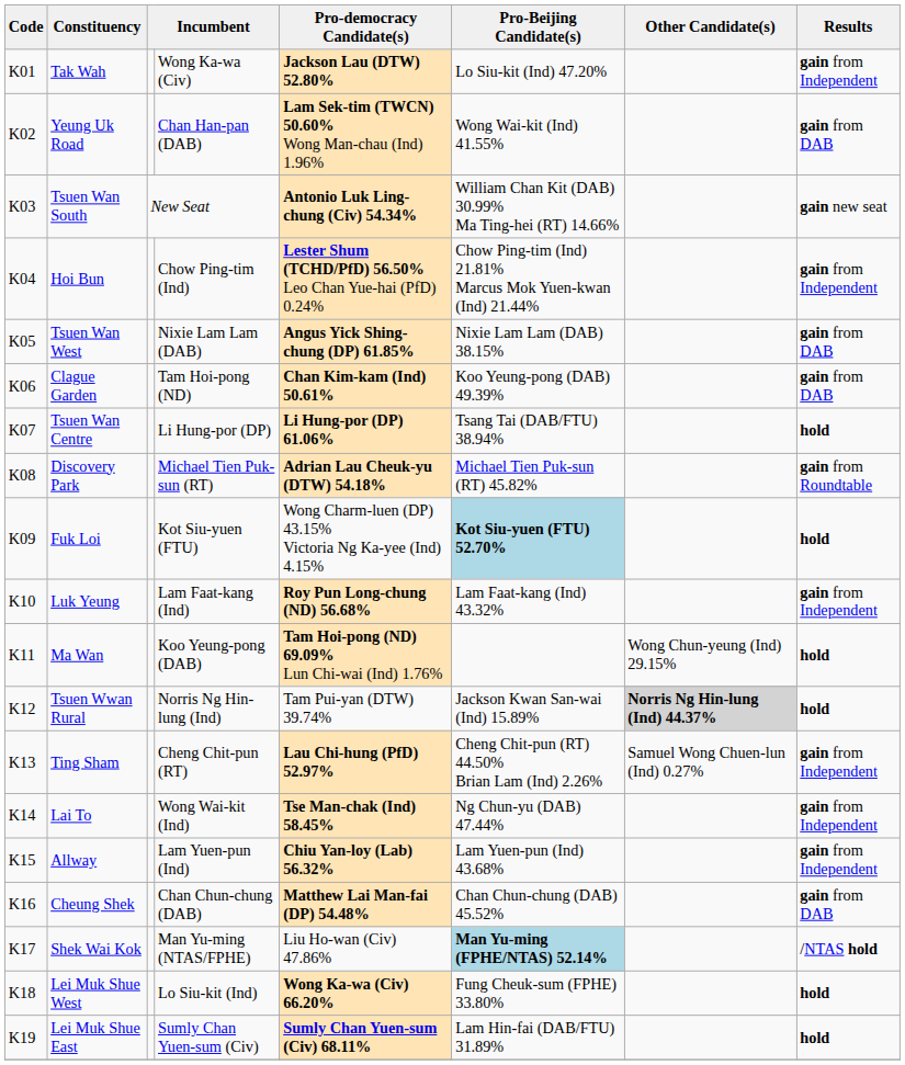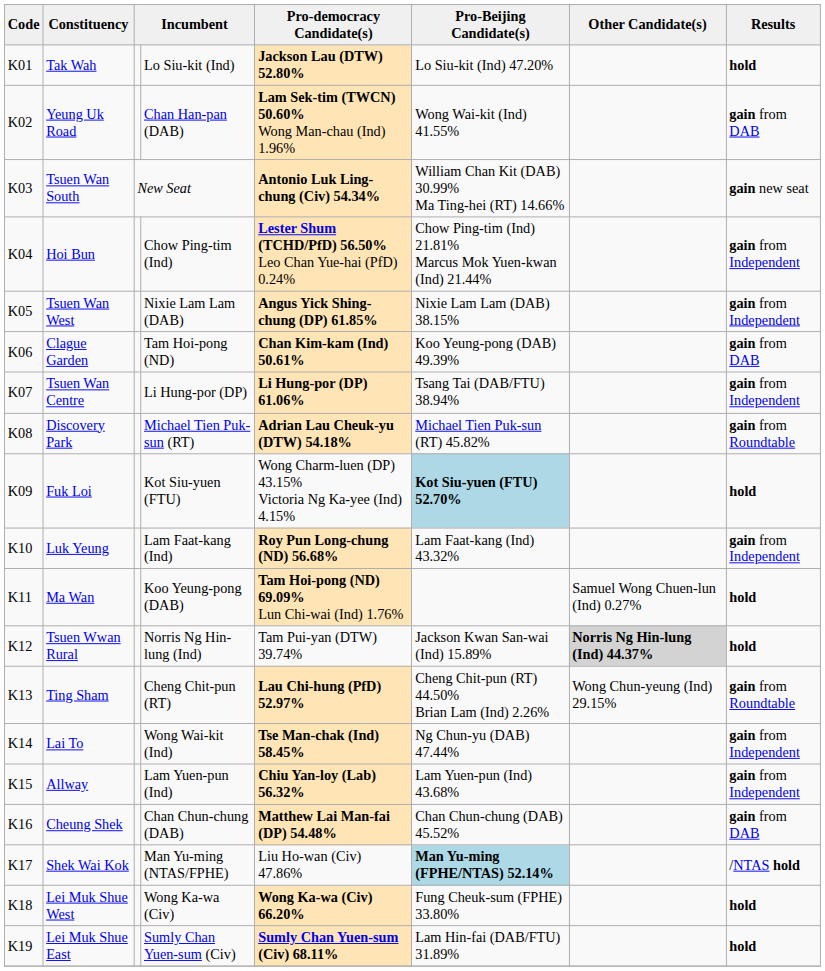 <table class="wikitable sortable" style="font-size: 95%;">
 <tr>
 <th align="center" style="background:#f0f0f0;" width="20px">Code</th>
 <th align="center" style="background:#f0f0f0;" width="90px">Constituency</th>
 <th align="center" style="background:#f0f0f0;" width="120px" colspan="2">Incumbent</th>
 <th align="center" style="background:#f0f0f0;" width="160px">Pro-democracy Candidate(s)</th>
 <th align="center" style="background:#f0f0f0;" width="160px">Pro-Beijing Candidate(s)</th>
 <th align="center" style="background:#f0f0f0;" width="160px">Other Candidate(s)</th>
 <th align="center" style="background:#f0f0f0;" width="100px" colspan="2">Results</th>
 </tr>
 <tr>
 <td>K01</td>
 <td><a href='#'>Tak Wah</a></td>
 <td></td>
-<td>Wong Ka-wa (Civ)</td>
+<td>Lo Siu-kit (Ind)</td>
 <td style="background-color:Moccasin"><strong>Jackson Lau (DTW) 52.80%</strong></td>
 <td>Lo Siu-kit (Ind) 47.20%</td>
 <td></td>
-<td> <strong>gain</strong> from <a href='#'>Independent</a></td>
+<td> <strong>hold</strong></td>
 </tr>
 <tr>
 <td>K02</td>
 <td><a href='#'>Yeung Uk Road</a></td>
 <td></td>
 <td><a href='#'>Chan Han-pan</a> (DAB)</td>
 <td style="background-color:Moccasin"><strong>Lam Sek-tim (TWCN) 50.60%</strong><br>Wong Man-chau (Ind) 1.96%</td>
 <td>Wong Wai-kit (Ind) 41.55%</td>
 <td></td>
 <td> <strong>gain</strong> from <a href='#'>DAB</a></td>
 </tr>
 <tr>
 <td>K03</td>
 <td><a href='#'>Tsuen Wan South</a></td>
 <td colspan=2><em>New Seat</em></td>
 <td style="background-color:Moccasin"><strong>Antonio Luk Ling-chung (Civ) 54.34%</strong></td>
 <td>William Chan Kit (DAB) 30.99%<br>Ma Ting-hei (RT) 14.66%</td>
 <td></td>
 <td> <strong>gain</strong> new seat</td>
 </tr>
 <tr>
 <td>K04</td>
 <td><a href='#'>Hoi Bun</a></td>
 <td></td>
 <td>Chow Ping-tim (Ind)</td>
 <td style="background-color:Moccasin"><strong><a href='#'>Lester Shum</a> (TCHD/PfD) 56.50%</strong><br>Leo Chan Yue-hai (PfD) 0.24%</td>
 <td>Chow Ping-tim (Ind) 21.81%<br>Marcus Mok Yuen-kwan (Ind) 21.44%</td>
 <td></td>
 <td> <strong>gain</strong> from <a href='#'>Independent</a></td>
 </tr>
 <tr>
 <td>K05</td>
 <td><a href='#'>Tsuen Wan West</a></td>
 <td></td>
 <td>Nixie Lam Lam (DAB)</td>
 <td style="background-color:Moccasin"><strong>Angus Yick Shing-chung (DP) 61.85%</strong></td>
 <td>Nixie Lam Lam (DAB) 38.15%</td>
 <td></td>
-<td> <strong>gain</strong> from <a href='#'>DAB</a></td>
+<td> <strong>gain</strong> from <a href='#'>Independent</a></td>
 </tr>
 <tr>
 <td>K06</td>
 <td><a href='#'>Clague Garden</a></td>
 <td></td>
 <td>Tam Hoi-pong (ND)</td>
 <td style="background-color:Moccasin"><strong>Chan Kim-kam (Ind) 50.61%</strong></td>
 <td>Koo Yeung-pong (DAB) 49.39%</td>
 <td></td>
 <td> <strong>gain</strong> from <a href='#'>DAB</a></td>
 </tr>
 <tr>
 <td>K07</td>
 <td><a href='#'>Tsuen Wan Centre</a></td>
 <td></td>
 <td>Li Hung-por (DP)</td>
 <td style="background-color:Moccasin"><strong>Li Hung-por (DP) 61.06%</strong></td>
 <td>Tsang Tai (DAB/FTU) 38.94%</td>
 <td></td>
-<td> <strong>hold</strong></td>
+<td> <strong>gain</strong> from <a href='#'>Independent</a></td>
 </tr>
 <tr>
 <td>K08</td>
 <td><a href='#'>Discovery Park</a></td>
 <td></td>
 <td><a href='#'>Michael Tien Puk-sun</a> (RT)</td>
 <td style="background-color:Moccasin"><strong>Adrian Lau Cheuk-yu (DTW) 54.18%</strong></td>
 <td><a href='#'>Michael Tien Puk-sun</a> (RT) 45.82%</td>
 <td></td>
 <td> <strong>gain</strong> from <a href='#'>Roundtable</a></td>
 </tr>
 <tr>
 <td>K09</td>
 <td><a href='#'>Fuk Loi</a></td>
 <td></td>
 <td>Kot Siu-yuen (FTU)</td>
 <td>Wong Charm-luen (DP) 43.15%<br>Victoria Ng Ka-yee (Ind) 4.15%</td>
 <td style="background-color:LightBlue"><strong>Kot Siu-yuen (FTU) 52.70%</strong></td>
 <td></td>
 <td> <strong>hold</strong></td>
 </tr>
 <tr>
 <td>K10</td>
 <td><a href='#'>Luk Yeung</a></td>
 <td></td>
 <td>Lam Faat-kang (Ind)</td>
 <td style="background-color:Moccasin"><strong>Roy Pun Long-chung (ND) 56.68%</strong></td>
 <td>Lam Faat-kang (Ind) 43.32%</td>
 <td></td>
 <td> <strong>gain</strong> from <a href='#'>Independent</a></td>
 </tr>
 <tr>
 <td>K11</td>
 <td><a href='#'>Ma Wan</a></td>
 <td></td>
 <td>Koo Yeung-pong (DAB)</td>
 <td style="background-color:Moccasin"><strong>Tam Hoi-pong (ND) 69.09%</strong><br>Lun Chi-wai (Ind) 1.76%</td>
 <td></td>
-<td>Wong Chun-yeung (Ind) 29.15%</td>
+<td>Samuel Wong Chuen-lun (Ind) 0.27%</td>
 <td> <strong>hold</strong></td>
 </tr>
 <tr>
 <td>K12</td>
 <td><a href='#'>Tsuen Wwan Rural</a></td>
 <td></td>
 <td>Norris Ng Hin-lung (Ind)</td>
 <td>Tam Pui-yan (DTW) 39.74%</td>
 <td>Jackson Kwan San-wai (Ind) 15.89%</td>
 <td style="background-color:Lightgray"><strong>Norris Ng Hin-lung (Ind) 44.37%</strong></td>
 <td> <strong>hold</strong></td>
 </tr>
 <tr>
 <td>K13</td>
 <td><a href='#'>Ting Sham</a></td>
 <td></td>
 <td>Cheng Chit-pun (RT)</td>
 <td style="background-color:Moccasin"><strong> Lau Chi-hung (PfD) 52.97%</strong></td>
 <td>Cheng Chit-pun (RT) 44.50%<br>Brian Lam (Ind) 2.26%</td>
-<td>Samuel Wong Chuen-lun (Ind) 0.27%</td>
-<td> <strong>gain</strong> from <a href='#'>Independent</a></td>
+<td>Wong Chun-yeung (Ind) 29.15%</td>
+<td> <strong>gain</strong> from <a href='#'>Roundtable</a></td>
 </tr>
 <tr>
 <td>K14</td>
 <td><a href='#'>Lai To</a></td>
 <td></td>
 <td>Wong Wai-kit (Ind)</td>
 <td style="background-color:Moccasin"><strong>Tse Man-chak (Ind) 58.45%</strong></td>
 <td>Ng Chun-yu (DAB) 47.44%</td>
 <td></td>
 <td> <strong>gain</strong> from <a href='#'>Independent</a></td>
 </tr>
 <tr>
 <td>K15</td>
 <td><a href='#'>Allway</a></td>
 <td></td>
 <td>Lam Yuen-pun (Ind)</td>
 <td style="background-color:Moccasin"><strong>Chiu Yan-loy (Lab) 56.32%</strong></td>
 <td>Lam Yuen-pun (Ind) 43.68%</td>
 <td></td>
 <td> <strong>gain</strong> from <a href='#'>Independent</a></td>
 </tr>
 <tr>
 <td>K16</td>
 <td><a href='#'>Cheung Shek</a></td>
 <td></td>
 <td>Chan Chun-chung (DAB)</td>
 <td style="background-color:Moccasin"><strong>Matthew Lai Man-fai (DP) 54.48%</strong></td>
 <td>Chan Chun-chung (DAB) 45.52%</td>
 <td></td>
 <td> <strong>gain</strong> from <a href='#'>DAB</a></td>
 </tr>
 <tr>
 <td>K17</td>
 <td><a href='#'>Shek Wai Kok</a></td>
 <td></td>
 <td>Man Yu-ming (NTAS/FPHE)</td>
 <td>Liu Ho-wan (Civ) 47.86%</td>
 <td style="background-color:LightBlue"><strong>Man Yu-ming (FPHE/NTAS) 52.14%</strong></td>
 <td></td>
 <td>/<a href='#'>NTAS</a> <strong>hold</strong></td>
 </tr>
 <tr>
 <td>K18</td>
 <td><a href='#'>Lei Muk Shue West</a></td>
 <td></td>
-<td>Lo Siu-kit (Ind)</td>
+<td>Wong Ka-wa (Civ)</td>
 <td style="background-color:Moccasin"><strong>Wong Ka-wa (Civ) 66.20%</strong></td>
 <td>Fung Cheuk-sum (FPHE) 33.80%</td>
 <td></td>
 <td> <strong>hold</strong></td>
 </tr>
 <tr>
 <td>K19</td>
 <td><a href='#'>Lei Muk Shue East</a></td>
 <td></td>
 <td><a href='#'>Sumly Chan Yuen-sum</a> (Civ)</td>
 <td style="background-color:Moccasin"><strong><a href='#'>Sumly Chan Yuen-sum</a> (Civ) 68.11%</strong></td>
 <td>Lam Hin-fai (DAB/FTU) 31.89%</td>
 <td></td>
 <td> <strong>hold</strong></td>
 </tr>
 <tr>
 </tr>
 </table>
